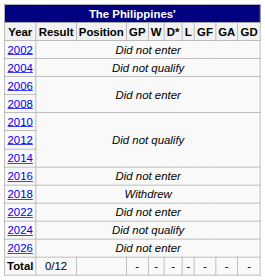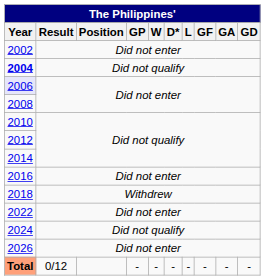 <table class="wikitable" style="text-align: center; font-size:95%;">
 <tr>
 <th colspan="10" style="background:#000080; color: #FFFFFF;">The Philippines' <a href='#'></a></th>
 </tr>
 <tr>
 </tr>
 <tr>
 <th>Year</th>
 <th>Result</th>
 <th>Position</th>
 <th>GP</th>
 <th>W</th>
 <th>D*</th>
 <th>L</th>
 <th>GF</th>
 <th>GA</th>
 <th>GD</th>
 </tr>
 <tr>
 <td> <a href='#'>2002</a></td>
 <td colspan=9><em>Did not enter</em></td>
 </tr>
 <tr>
-<td> <a href='#'>2004</a></td>
+<td><strong> <a href='#'>2004</a></strong></td>
 <td colspan=9><em>Did not qualify</em></td>
 </tr>
 <tr>
-<td> <a href='#'>2006</a></td>
+<td style="background: lavender;"> <a href='#'>2006</a></td>
 <td rowspan=2 colspan=9><em>Did not enter</em></td>
 </tr>
 <tr>
 <td> <a href='#'>2008</a></td>
 </tr>
 <tr>
 <td> <a href='#'>2010</a></td>
 <td rowspan=3 colspan=9><em>Did not qualify</em></td>
 </tr>
 <tr>
 <td> <a href='#'>2012</a></td>
 </tr>
 <tr>
 <td> <a href='#'>2014</a></td>
 </tr>
 <tr>
 <td> <a href='#'>2016</a></td>
 <td colspan=9><em>Did not enter</em></td>
 </tr>
 <tr>
 <td> <a href='#'>2018</a></td>
 <td colspan=9><em>Withdrew</em></td>
 </tr>
 <tr>
 <td> <a href='#'>2022</a></td>
 <td colspan=9><em>Did not enter</em></td>
 </tr>
 <tr>
 <td> <a href='#'>2024</a></td>
 <td colspan=9><em>Did not qualify</em></td>
 </tr>
 <tr>
 <td> <a href='#'>2026</a></td>
 <td colspan=9><em>Did not enter</em></td>
 </tr>
 <tr>
-<td><strong>Total</strong></td>
+<td style="background: lightsalmon;"><strong>Total</strong></td>
 <td>0/12</td>
 <td></td>
 <td>-</td>
 <td>-</td>
 <td>-</td>
 <td>-</td>
 <td>-</td>
 <td>-</td>
 <td>-</td>
 </tr>
 </table>
